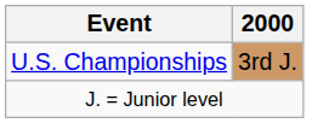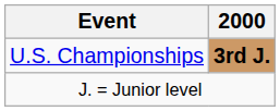 <table class="wikitable" style="text-align:center">
 <tr>
 <th>Event</th>
 <th>2000</th>
 </tr>
 <tr>
 <td align=left><a href='#'>U.S. Championships</a></td>
-<td bgcolor=cc9966>3rd J.</td>
+<td bgcolor=cc9966><strong>3rd J.</strong></td>
 </tr>
 <tr>
 <td colspan=2 align=center><small> J. = Junior level </small></td>
 </tr>
 </table>
